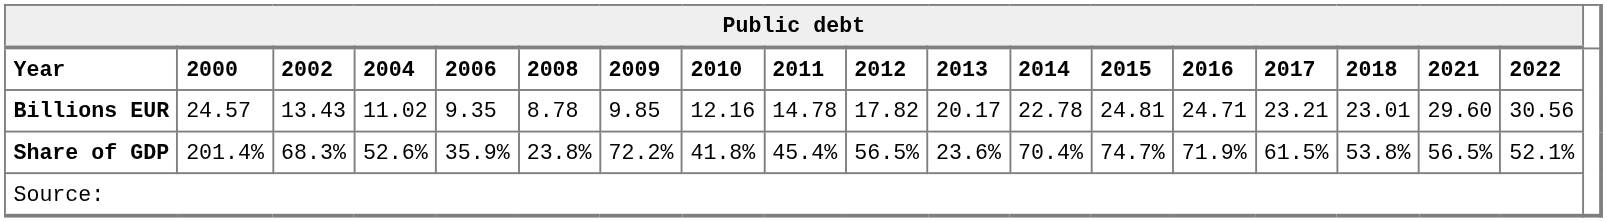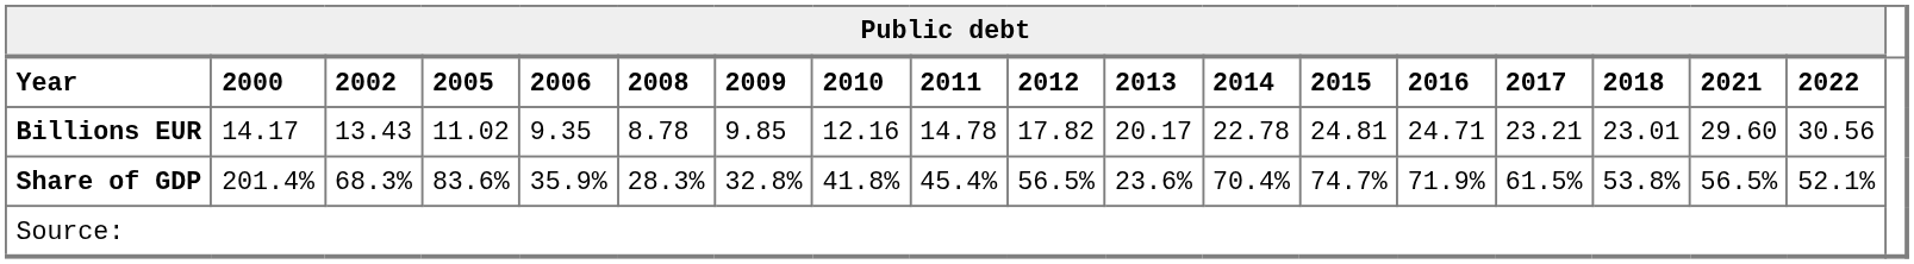 <table border="1" cellpadding="4" cellspacing="0" class="toccolours" style="align:left; margin:0.5em 0 0; border-style:solid; border:1px solid #7f7f7f; border-right-width:2px; border-bottom-width:2px; border-collapse:collapse; font-size:88%;">
 <tr>
 <th colspan="18" style="background: #efefef; border-bottom: 2px solid gray;">Public debt</th>
 <th></th>
 </tr>
 <tr>
 <td><strong>Year</strong></td>
 <td><strong>2000</strong></td>
 <td><strong>2002</strong></td>
-<td><strong>2004</strong></td>
+<td><strong>2005</strong></td>
 <td><strong>2006</strong></td>
 <td><strong>2008</strong></td>
 <td><strong>2009</strong></td>
 <td><strong>2010</strong></td>
 <td><strong>2011</strong></td>
 <td><strong>2012</strong></td>
 <td><strong>2013</strong></td>
 <td><strong>2014</strong></td>
 <td><strong>2015</strong></td>
 <td><strong>2016</strong></td>
 <td><strong>2017</strong></td>
 <td><strong>2018</strong></td>
 <td><strong>2021</strong></td>
 <td><strong>2022</strong></td>
 </tr>
 <tr>
 <td><strong>Billions EUR</strong></td>
-<td>24.57</td>
+<td>14.17</td>
 <td>13.43</td>
 <td>11.02</td>
 <td>9.35</td>
 <td>8.78</td>
 <td>9.85</td>
 <td>12.16</td>
 <td>14.78</td>
 <td>17.82</td>
 <td>20.17</td>
 <td>22.78</td>
 <td>24.81</td>
 <td>24.71</td>
 <td>23.21</td>
 <td>23.01</td>
 <td>29.60</td>
 <td>30.56</td>
 </tr>
 <tr>
 <td><strong>Share of GDP</strong></td>
 <td>201.4%</td>
 <td>68.3%</td>
-<td>52.6%</td>
+<td>83.6%</td>
 <td>35.9%</td>
-<td>23.8%</td>
-<td>72.2%</td>
+<td>28.3%</td>
+<td>32.8%</td>
 <td>41.8%</td>
 <td>45.4%</td>
 <td>56.5%</td>
 <td>23.6%</td>
 <td>70.4%</td>
 <td>74.7%</td>
 <td>71.9%</td>
 <td>61.5%</td>
 <td>53.8%</td>
 <td>56.5%</td>
 <td>52.1%</td>
 </tr>
 <tr>
 <td colspan="18">Source:   </td>
 </tr>
 </table>
